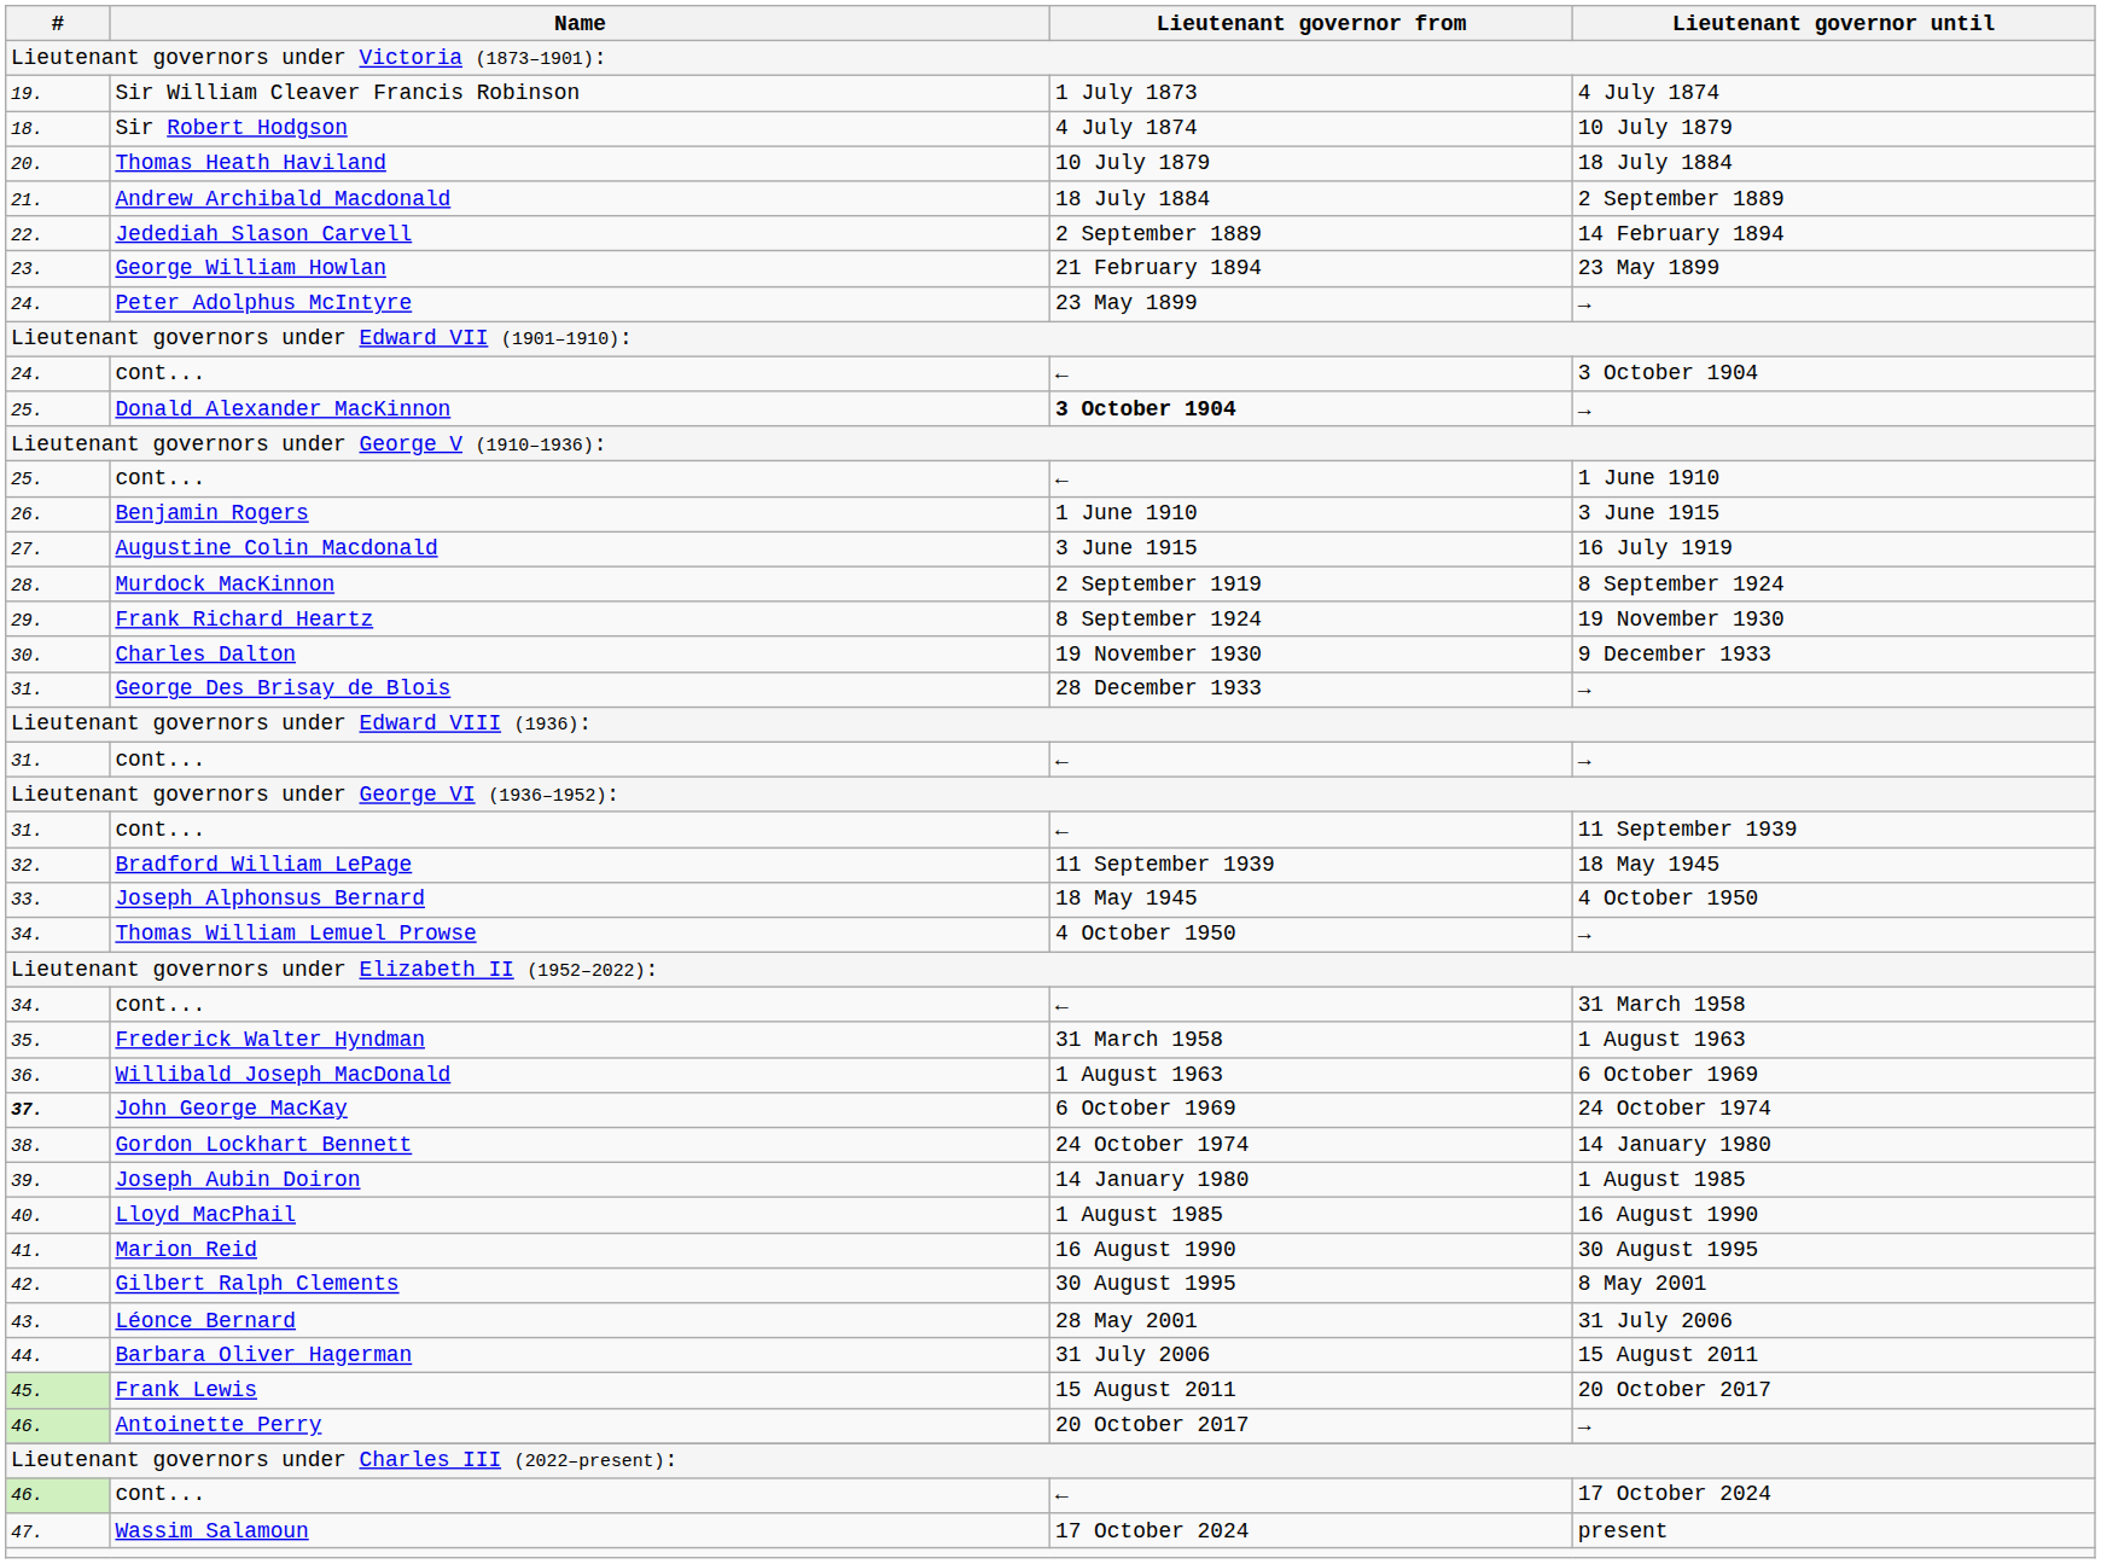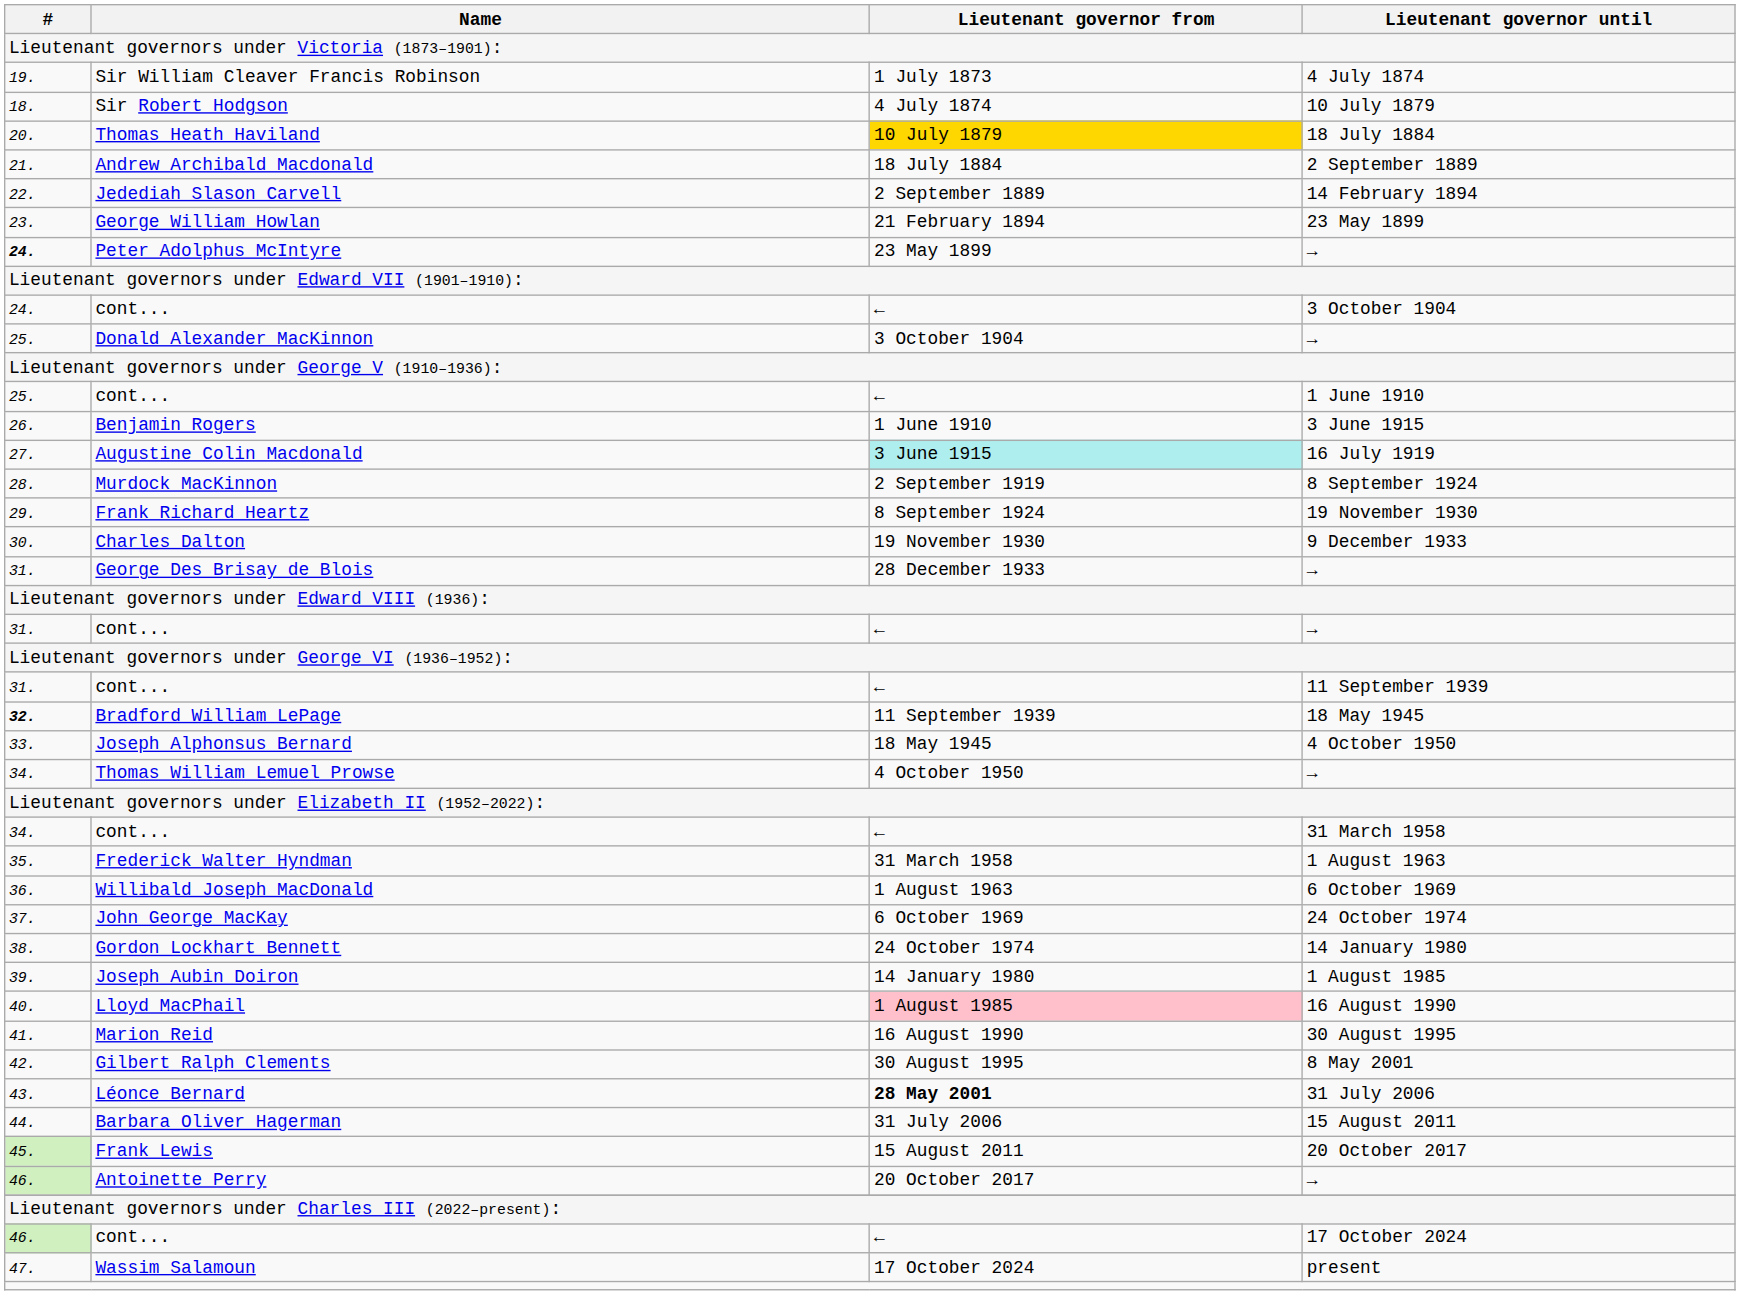 <table class="wikitable" style="width:100%">
 <tr>
 <th width="5%">#</th>
 <th width="45%">Name</th>
 <th width="25%">Lieutenant governor from</th>
 <th width="25%">Lieutenant governor until</th>
 </tr>
 <tr bgcolor="#F5F5F5">
 <td colspan="5" align="left"><span>Lieutenant governors under <a href='#'>Victoria</a> <small>(1873–1901)</small>:</span></td>
 </tr>
 <tr>
 <td><small><em>19.</em></small></td>
 <td>Sir William Cleaver Francis Robinson </td>
 <td>1 July 1873</td>
 <td>4 July 1874</td>
 </tr>
 <tr>
 <td><small><em>18.</em></small></td>
 <td>Sir <a href='#'>Robert Hodgson</a></td>
 <td>4 July 1874</td>
 <td>10 July 1879</td>
 </tr>
 <tr>
 <td><small><em>20.</em></small></td>
 <td><a href='#'>Thomas Heath Haviland</a></td>
-<td>10 July 1879</td>
+<td style="background: gold;">10 July 1879</td>
 <td>18 July 1884</td>
 </tr>
 <tr>
 <td><small><em>21.</em></small></td>
 <td><a href='#'>Andrew Archibald Macdonald</a></td>
 <td>18 July 1884</td>
 <td>2 September 1889</td>
 </tr>
 <tr>
 <td><small><em>22.</em></small></td>
 <td><a href='#'>Jedediah Slason Carvell</a></td>
 <td>2 September 1889</td>
 <td>14 February 1894</td>
 </tr>
 <tr>
 <td><small><em>23.</em></small></td>
 <td><a href='#'>George William Howlan</a></td>
 <td>21 February 1894</td>
 <td>23 May 1899</td>
 </tr>
 <tr>
-<td><small><em>24.</em></small></td>
+<td><strong><small><em>24.</em></small></strong></td>
 <td><a href='#'>Peter Adolphus McIntyre</a></td>
 <td>23 May 1899</td>
 <td>→</td>
 </tr>
 <tr bgcolor="#F5F5F5">
 <td colspan="5" align="left"><span>Lieutenant governors under <a href='#'>Edward VII</a> <small>(1901–1910)</small>:</span></td>
 </tr>
 <tr>
 <td><small><em>24.</em></small></td>
 <td>cont...</td>
 <td>←</td>
 <td>3 October 1904</td>
 </tr>
 <tr>
 <td><small><em>25.</em></small></td>
 <td><a href='#'>Donald Alexander MacKinnon</a></td>
-<td><strong>3 October 1904</strong></td>
+<td>3 October 1904</td>
 <td>→</td>
 </tr>
 <tr bgcolor="#F5F5F5">
 <td colspan="5" align="left"><span>Lieutenant governors under <a href='#'>George V</a> <small>(1910–1936)</small>:</span></td>
 </tr>
 <tr>
 <td><small><em>25.</em></small></td>
 <td>cont...</td>
 <td>←</td>
 <td>1 June 1910</td>
 </tr>
 <tr>
 <td><small><em>26.</em></small></td>
 <td><a href='#'>Benjamin Rogers</a></td>
 <td>1 June 1910</td>
 <td>3 June 1915</td>
 </tr>
 <tr>
 <td><small><em>27.</em></small></td>
 <td><a href='#'>Augustine Colin Macdonald</a></td>
-<td>3 June 1915</td>
+<td style="background: paleturquoise;">3 June 1915</td>
 <td>16 July 1919</td>
 </tr>
 <tr>
 <td><small><em>28.</em></small></td>
 <td><a href='#'>Murdock MacKinnon</a></td>
 <td>2 September 1919</td>
 <td>8 September 1924</td>
 </tr>
 <tr>
 <td><small><em>29.</em></small></td>
 <td><a href='#'>Frank Richard Heartz</a></td>
 <td>8 September 1924</td>
 <td>19 November 1930</td>
 </tr>
 <tr>
 <td><small><em>30.</em></small></td>
 <td><a href='#'>Charles Dalton</a></td>
 <td>19 November 1930</td>
 <td>9 December 1933</td>
 </tr>
 <tr>
 <td><small><em>31.</em></small></td>
 <td><a href='#'>George Des Brisay de Blois</a></td>
 <td>28 December 1933</td>
 <td>→</td>
 </tr>
 <tr bgcolor="#F5F5F5">
 <td colspan="5" align="left"><span>Lieutenant governors under <a href='#'>Edward VIII</a> <small>(1936)</small>:</span></td>
 </tr>
 <tr>
 <td><small><em>31.</em></small></td>
 <td>cont...</td>
 <td>←</td>
 <td>→</td>
 </tr>
 <tr bgcolor="#F5F5F5">
 <td colspan="5" align="left"><span>Lieutenant governors under <a href='#'>George VI</a> <small>(1936–1952)</small>:</span></td>
 </tr>
 <tr>
 <td><small><em>31.</em></small></td>
 <td>cont...</td>
 <td>←</td>
 <td>11 September 1939</td>
 </tr>
 <tr>
-<td><small><em>32.</em></small></td>
+<td><strong><small><em>32.</em></small></strong></td>
 <td><a href='#'>Bradford William LePage</a></td>
 <td>11 September 1939</td>
 <td>18 May 1945</td>
 </tr>
 <tr>
 <td><small><em>33.</em></small></td>
 <td><a href='#'>Joseph Alphonsus Bernard</a></td>
 <td>18 May 1945</td>
 <td>4 October 1950</td>
 </tr>
 <tr>
 <td><small><em>34.</em></small></td>
 <td><a href='#'>Thomas William Lemuel Prowse</a></td>
 <td>4 October 1950</td>
 <td>→</td>
 </tr>
 <tr bgcolor="#F5F5F5">
 <td colspan="5" align="left"><span>Lieutenant governors under <a href='#'>Elizabeth II</a> <small>(1952–2022)</small>:</span></td>
 </tr>
 <tr>
 <td><small><em>34.</em></small></td>
 <td>cont...</td>
 <td>←</td>
 <td>31 March 1958</td>
 </tr>
 <tr>
 <td><small><em>35.</em></small></td>
 <td><a href='#'>Frederick Walter Hyndman</a></td>
 <td>31 March 1958</td>
 <td>1 August 1963</td>
 </tr>
 <tr>
 <td><small><em>36.</em></small></td>
 <td><a href='#'>Willibald Joseph MacDonald</a></td>
 <td>1 August 1963</td>
 <td>6 October 1969</td>
 </tr>
 <tr>
-<td><strong><small><em>37.</em></small></strong></td>
+<td><small><em>37.</em></small></td>
 <td><a href='#'>John George MacKay</a></td>
 <td>6 October 1969</td>
 <td>24 October 1974</td>
 </tr>
 <tr>
 <td><small><em>38.</em></small></td>
 <td><a href='#'>Gordon Lockhart Bennett</a> </td>
 <td>24 October 1974</td>
 <td>14 January 1980</td>
 </tr>
 <tr>
 <td><small><em>39.</em></small></td>
 <td><a href='#'>Joseph Aubin Doiron</a> </td>
 <td>14 January 1980</td>
 <td>1 August 1985</td>
 </tr>
 <tr>
 <td><small><em>40.</em></small></td>
 <td><a href='#'>Lloyd MacPhail</a> </td>
-<td>1 August 1985</td>
+<td style="background: pink;">1 August 1985</td>
 <td>16 August 1990</td>
 </tr>
 <tr>
 <td><small><em>41.</em></small></td>
 <td><a href='#'>Marion Reid</a> </td>
 <td>16 August 1990</td>
 <td>30 August 1995</td>
 </tr>
 <tr>
 <td><small><em>42.</em></small></td>
 <td><a href='#'>Gilbert Ralph Clements</a> </td>
 <td>30 August 1995</td>
 <td>8 May 2001</td>
 </tr>
 <tr>
 <td><small><em>43.</em></small></td>
 <td><a href='#'>Léonce Bernard</a> </td>
-<td>28 May 2001</td>
+<td><strong>28 May 2001</strong></td>
 <td>31 July 2006</td>
 </tr>
 <tr>
 <td><small><em>44.</em></small></td>
 <td><a href='#'>Barbara Oliver Hagerman</a> </td>
 <td>31 July 2006</td>
 <td>15 August 2011</td>
 </tr>
 <tr>
 <td bgcolor="#D0F0C0"><small><em>45.</em></small></td>
 <td><a href='#'>Frank Lewis</a> </td>
 <td>15 August 2011</td>
 <td>20 October 2017</td>
 </tr>
 <tr>
 <td bgcolor="#D0F0C0"><small><em>46.</em></small></td>
 <td><a href='#'>Antoinette Perry</a> </td>
 <td>20 October 2017</td>
 <td>→</td>
 </tr>
 <tr>
 </tr>
 <tr bgcolor="#F5F5F5">
 <td colspan="5" align="left"><span>Lieutenant governors under <a href='#'>Charles III</a> <small>(2022–present)</small>:</span></td>
 </tr>
 <tr>
 <td bgcolor="#D0F0C0"><small><em>46.</em></small></td>
 <td>cont...</td>
 <td>←</td>
 <td>17 October 2024</td>
 </tr>
 <tr>
 <td><small><em>47.</em></small></td>
 <td><a href='#'>Wassim Salamoun</a></td>
 <td>17 October 2024</td>
 <td>present</td>
 </tr>
 <tr>
 <td colspan="4"></td>
 </tr>
 </table>
